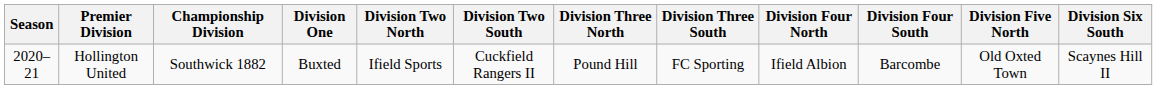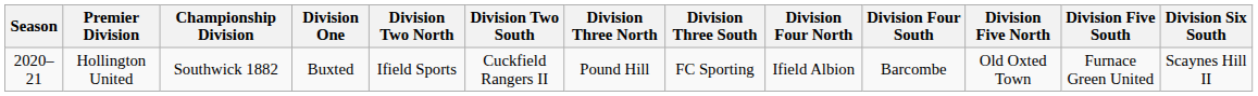 <table class="wikitable" style="text-align: center">
 <tr>
 <th>Season</th>
 <th>Premier Division</th>
 <th>Championship Division</th>
 <th>Division One</th>
 <th>Division Two North</th>
 <th>Division Two South</th>
 <th>Division Three North</th>
 <th>Division Three South</th>
 <th>Division Four North</th>
 <th>Division Four South</th>
 <th>Division Five North</th>
+<th>Division Five South</th>
 <th>Division Six South</th>
 </tr>
 <tr>
 <td>2020–21</td>
 <td>Hollington United</td>
 <td>Southwick 1882</td>
 <td>Buxted</td>
 <td>Ifield Sports</td>
 <td>Cuckfield Rangers II</td>
 <td>Pound Hill</td>
 <td>FC Sporting</td>
 <td>Ifield Albion</td>
 <td>Barcombe</td>
 <td>Old Oxted Town</td>
+<td>Furnace Green United</td>
 <td>Scaynes Hill II</td>
 </tr>
 </table>
